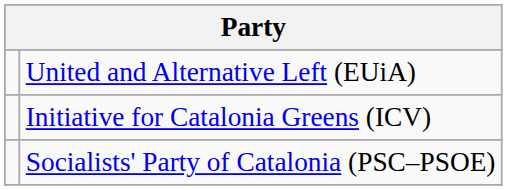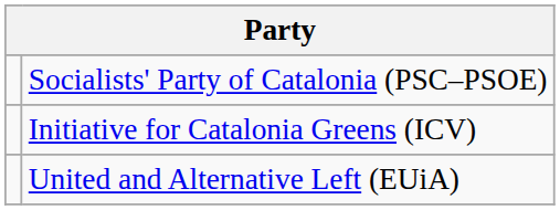 <table class="wikitable" style="text-align:left; font-size:95%;">
 <tr>
 <th colspan="2">Party</th>
 </tr>
 <tr>
-<td></td>
-<td><a href='#'>United and Alternative Left</a> (EUiA)</td>
+<td width="1"></td>
+<td><a href='#'>Socialists' Party of Catalonia</a> (PSC–PSOE)</td>
 </tr>
 <tr>
 <td></td>
 <td><a href='#'>Initiative for Catalonia Greens</a> (ICV)</td>
 </tr>
 <tr>
-<td width="1"></td>
-<td><a href='#'>Socialists' Party of Catalonia</a> (PSC–PSOE)</td>
+<td></td>
+<td><a href='#'>United and Alternative Left</a> (EUiA)</td>
 </tr>
 </table>
